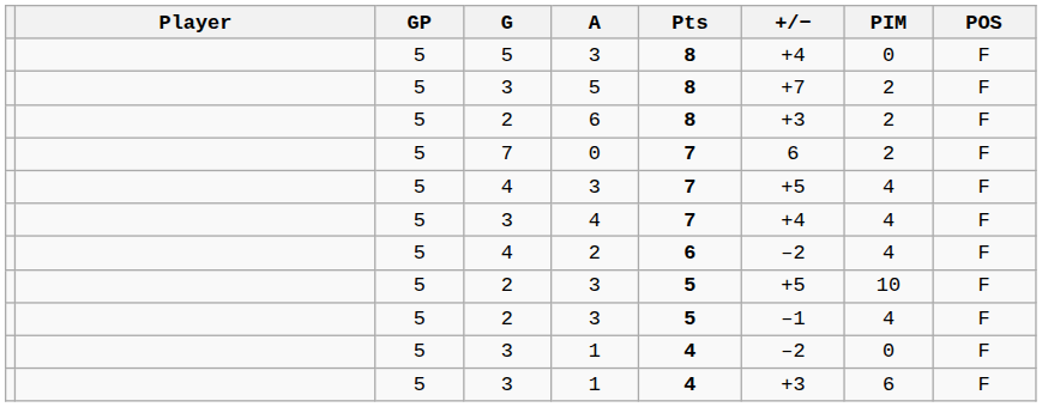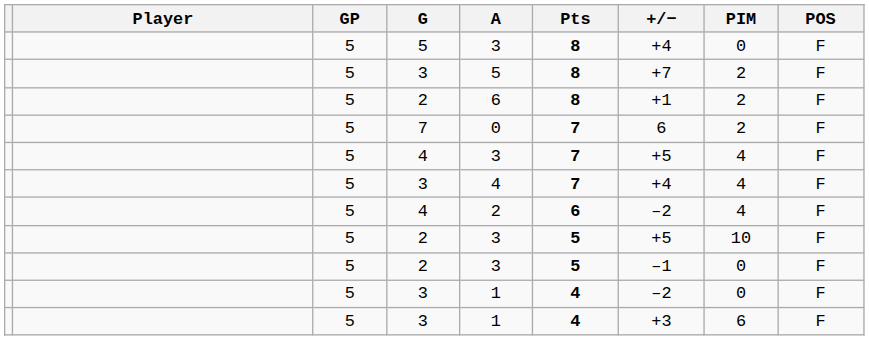 <table class="wikitable sortable" style="text-align:center;">
 <tr>
 <th></th>
 <th style="width:225px;">Player</th>
 <th style="width:50px;">GP</th>
 <th style="width:50px;">G</th>
 <th style="width:50px;">A</th>
 <th style="width:60px;">Pts</th>
 <th style="width:60px;">+/−</th>
 <th style="width:50px;">PIM</th>
 <th style="width:60px;">POS</th>
 </tr>
 <tr>
 <td></td>
 <td style="text-align:left;"></td>
 <td>5</td>
 <td>5</td>
 <td>3</td>
 <td><strong>8</strong></td>
 <td>+4</td>
 <td>0</td>
 <td>F</td>
 </tr>
 <tr>
 <td></td>
 <td style="text-align:left;"></td>
 <td>5</td>
 <td>3</td>
 <td>5</td>
 <td><strong>8</strong></td>
 <td>+7</td>
 <td>2</td>
 <td>F</td>
 </tr>
 <tr>
 <td></td>
 <td style="text-align:left;"></td>
 <td>5</td>
 <td>2</td>
 <td>6</td>
 <td><strong>8</strong></td>
-<td>+3</td>
+<td>+1</td>
 <td>2</td>
 <td>F</td>
 </tr>
 <tr>
 <td></td>
 <td style="text-align:left;"></td>
 <td>5</td>
 <td>7</td>
 <td>0</td>
 <td><strong>7</strong></td>
 <td>6</td>
 <td>2</td>
 <td>F</td>
 </tr>
 <tr>
 <td></td>
 <td style="text-align:left;"></td>
 <td>5</td>
 <td>4</td>
 <td>3</td>
 <td><strong>7</strong></td>
 <td>+5</td>
 <td>4</td>
 <td>F</td>
 </tr>
 <tr>
 <td></td>
 <td style="text-align:left;"></td>
 <td>5</td>
 <td>3</td>
 <td>4</td>
 <td><strong>7</strong></td>
 <td>+4</td>
 <td>4</td>
 <td>F</td>
 </tr>
 <tr>
 <td></td>
 <td style="text-align:left;"></td>
 <td>5</td>
 <td>4</td>
 <td>2</td>
 <td><strong>6</strong></td>
 <td>–2</td>
 <td>4</td>
 <td>F</td>
 </tr>
 <tr>
 <td></td>
 <td style="text-align:left;"></td>
 <td>5</td>
 <td>2</td>
 <td>3</td>
 <td><strong>5</strong></td>
 <td>+5</td>
 <td>10</td>
 <td>F</td>
 </tr>
 <tr>
 <td></td>
 <td style="text-align:left;"></td>
 <td>5</td>
 <td>2</td>
 <td>3</td>
 <td><strong>5</strong></td>
 <td>–1</td>
-<td>4</td>
+<td>0</td>
 <td>F</td>
 </tr>
 <tr>
 <td></td>
 <td style="text-align:left;"></td>
 <td>5</td>
 <td>3</td>
 <td>1</td>
 <td><strong>4</strong></td>
 <td>–2</td>
 <td>0</td>
 <td>F</td>
 </tr>
 <tr>
 <td></td>
 <td style="text-align:left;"></td>
 <td>5</td>
 <td>3</td>
 <td>1</td>
 <td><strong>4</strong></td>
 <td>+3</td>
 <td>6</td>
 <td>F</td>
 </tr>
 </table>
